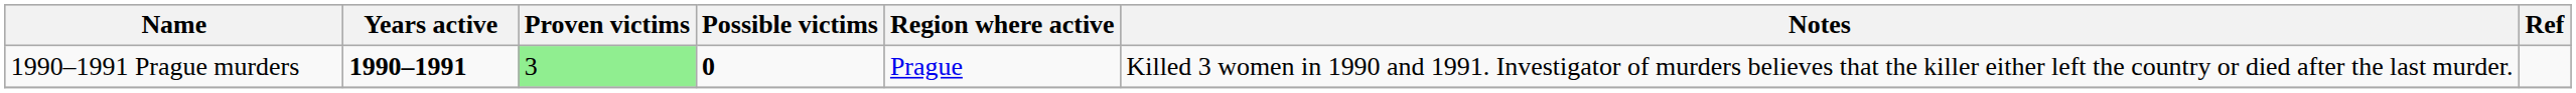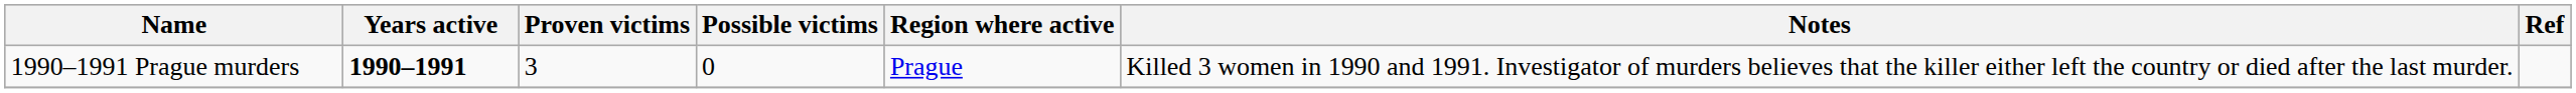 <table class="wikitable sortable">
 <tr>
 <th width="200px">Name</th>
 <th width="100px">Years active</th>
 <th data-sort-type="number">Proven victims</th>
 <th data-sort-type="number">Possible victims</th>
 <th>Region where active</th>
 <th>Notes</th>
 <th>Ref</th>
 </tr>
 <tr>
 <td>1990–1991 Prague murders</td>
 <td><strong>1990–1991</strong></td>
-<td style="background: lightgreen;">3</td>
-<td><strong>0</strong></td>
+<td>3</td>
+<td>0</td>
 <td><a href='#'>Prague</a></td>
 <td>Killed 3 women in 1990 and 1991. Investigator of murders believes that the killer either left the country or died after the last murder.</td>
 <td></td>
 </tr>
 <tr>
 </tr>
 </table>
